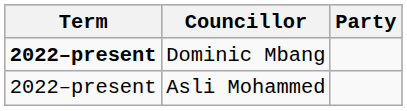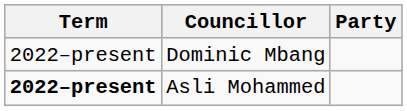 <table class="wikitable">
 <tr>
 <th>Term</th>
 <th>Councillor</th>
 <th colspan=2>Party</th>
 </tr>
 <tr>
-<td><strong>2022–present</strong></td>
+<td>2022–present</td>
 <td>Dominic Mbang</td>
 <td></td>
 </tr>
 <tr>
-<td>2022–present</td>
+<td><strong>2022–present</strong></td>
 <td>Asli Mohammed</td>
 <td></td>
 </tr>
 </table>
